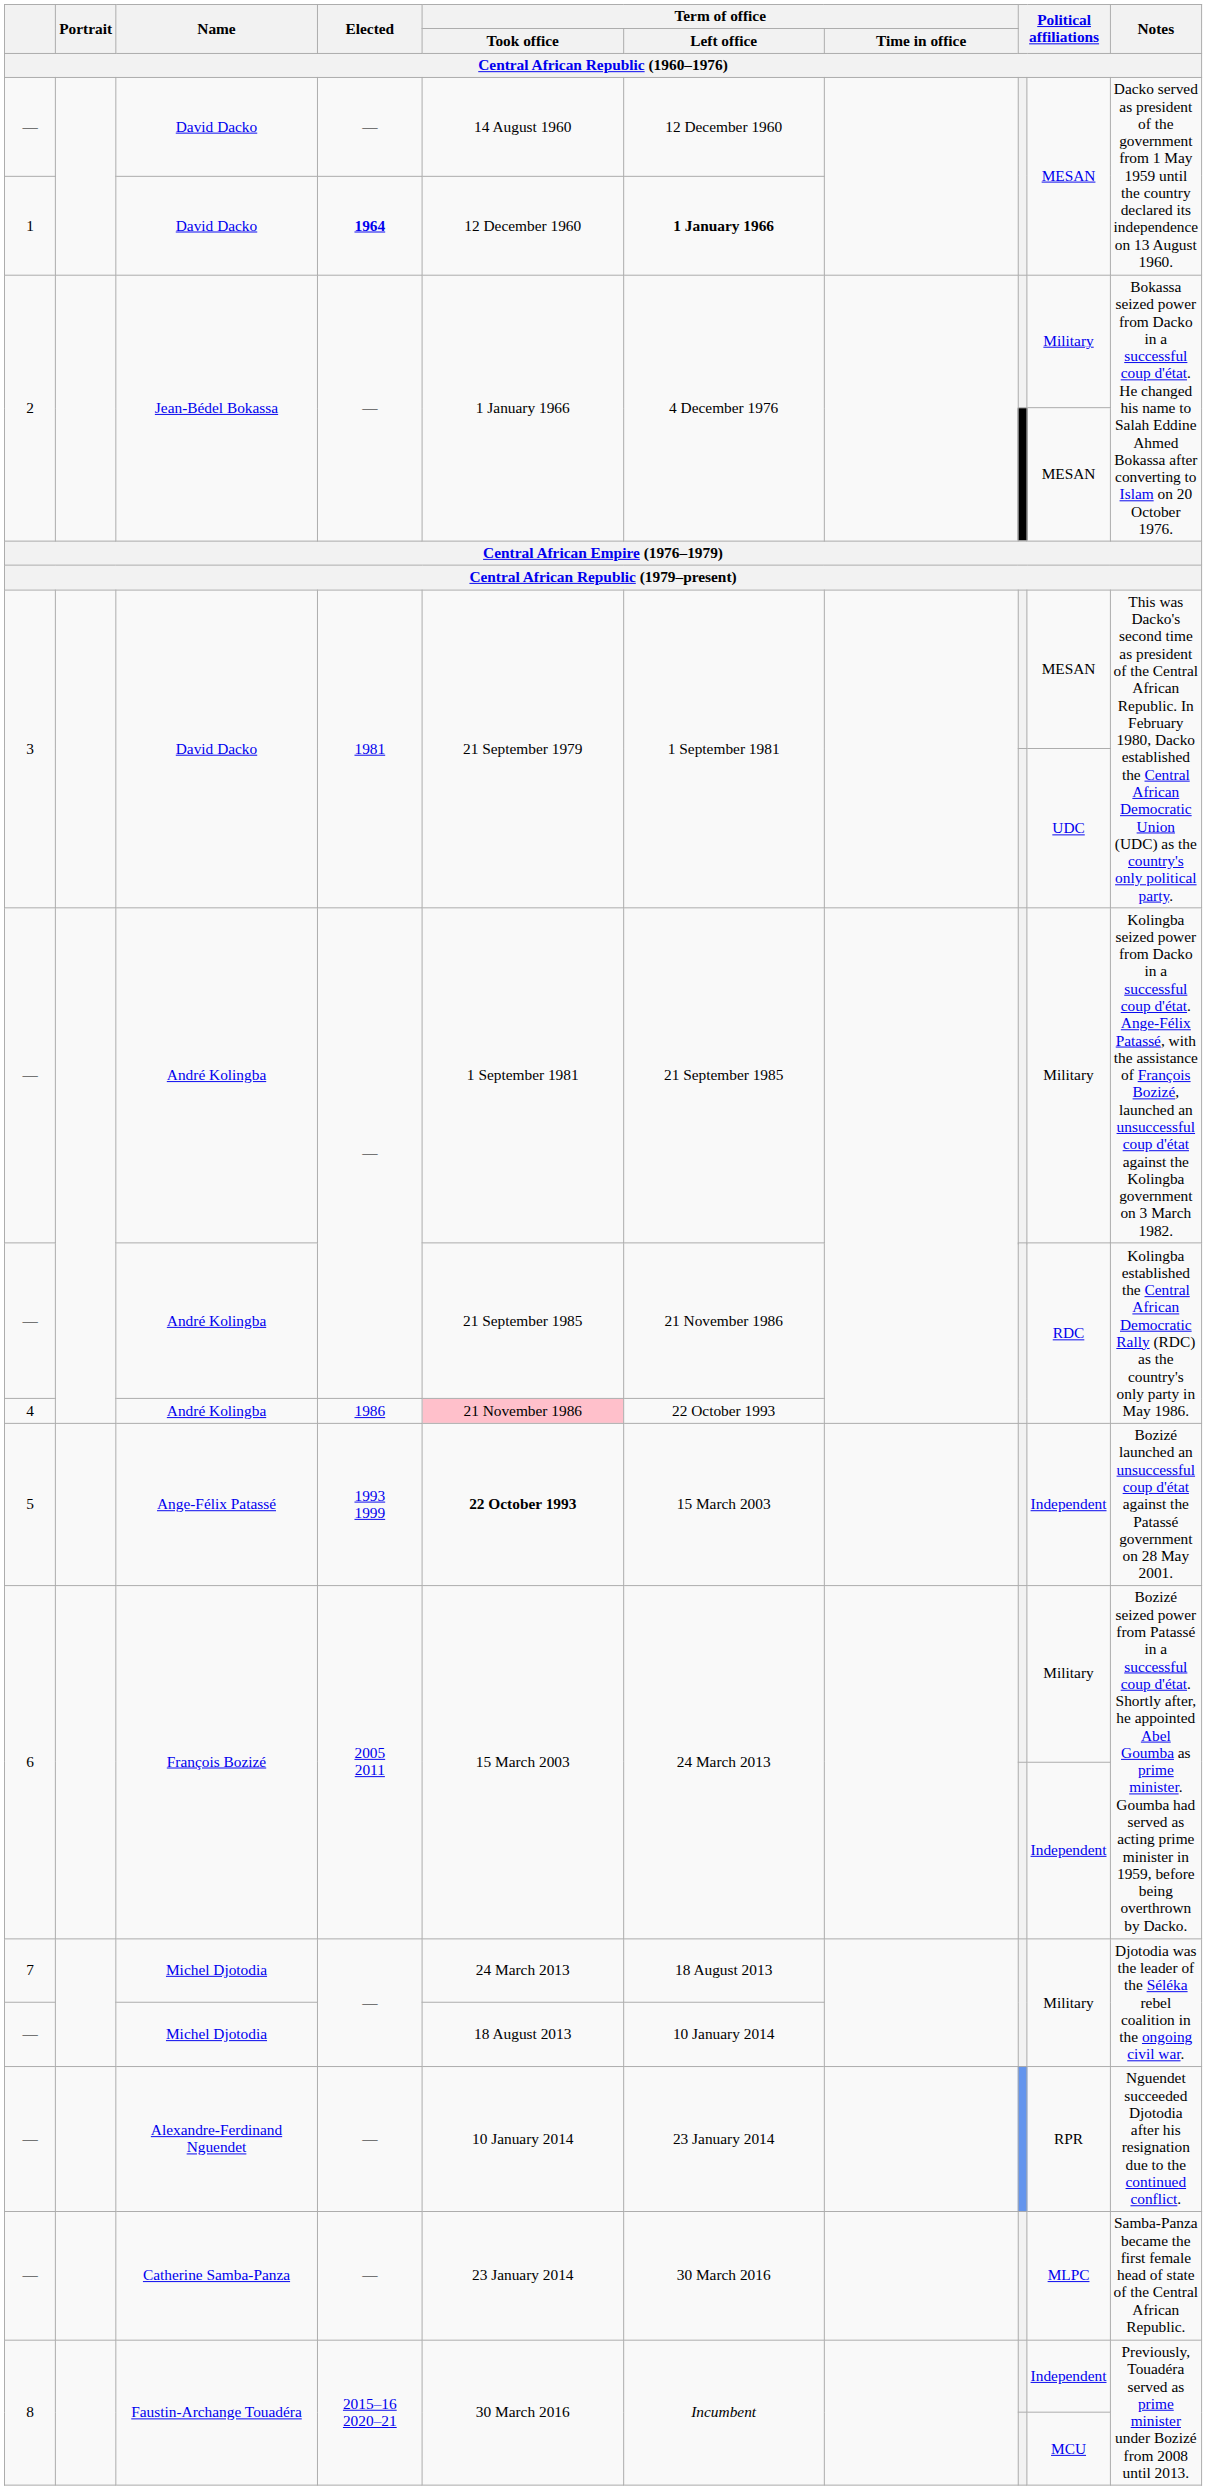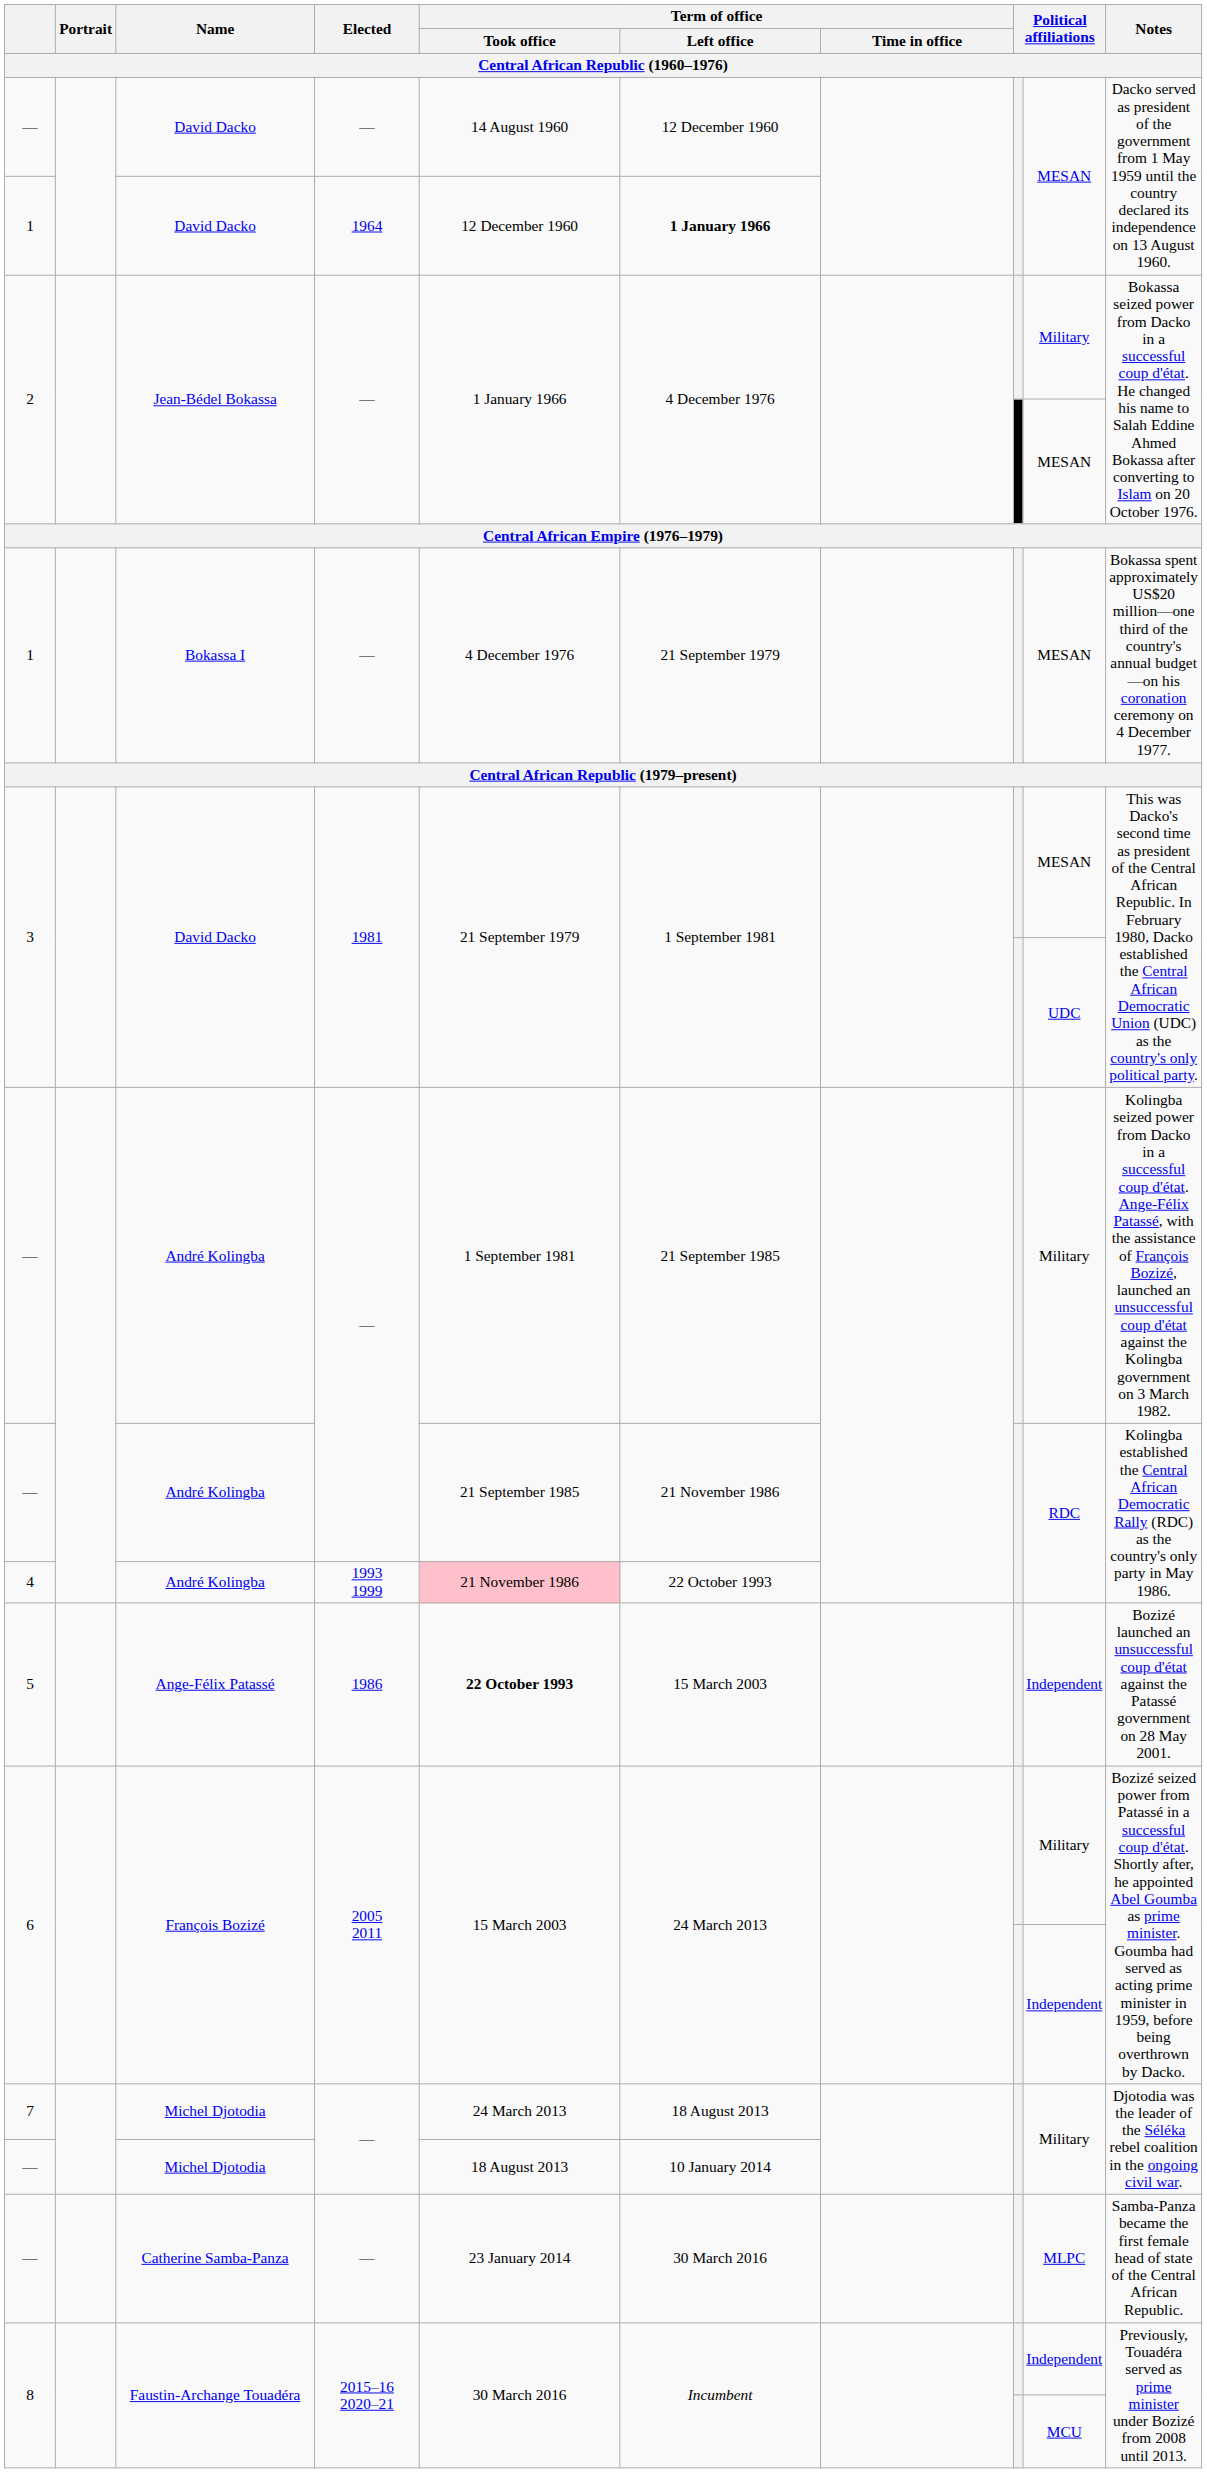 <table class="wikitable" style="text-align:center">
 <tr>
 <th rowspan="2" width="5%"></th>
 <th rowspan="2" width="80">Portrait</th>
 <th rowspan="2" width="20%">Name<br></th>
 <th rowspan="2" width="10%">Elected</th>
 <th colspan="3" width="20%">Term of office</th>
 <th rowspan="2" colspan="2" width="10%"><a href='#'>Political affiliations</a></th>
 <th rowspan="2" width="20%">Notes</th>
 </tr>
 <tr>
 <th width="20%">Took office</th>
 <th width="20%">Left office</th>
 <th width="20%">Time in office</th>
 </tr>
 <tr>
 <th colspan="10"><a href='#'>Central African Republic</a> (1960–1976)</th>
 </tr>
 <tr>
 <td>—</td>
 <td rowspan="2"></td>
 <td><a href='#'>David Dacko</a><br></td>
 <td>—</td>
 <td>14 August 1960</td>
 <td>12 December 1960</td>
 <td rowspan="2"></td>
 <th rowspan="2" style="background:"></th>
 <td rowspan="2"><a href='#'>MESAN</a></td>
 <td rowspan="2">Dacko served as president of the government from 1 May 1959 until the country declared its independence on 13 August 1960.</td>
 </tr>
 <tr>
 <td>1</td>
 <td><a href='#'>David Dacko</a><br></td>
-<td><strong><a href='#'>1964</a></strong></td>
+<td><a href='#'>1964</a></td>
 <td>12 December 1960</td>
 <td><strong>1 January 1966</strong></td>
 </tr>
 <tr>
 <td rowspan="2">2</td>
 <td rowspan="2"></td>
 <td rowspan="2"><a href='#'>Jean-Bédel Bokassa</a><br></td>
 <td rowspan="2">—</td>
 <td rowspan="2">1 January 1966</td>
 <td rowspan="2">4 December 1976</td>
 <td rowspan="2"></td>
 <th style="background:"></th>
 <td><a href='#'>Military</a></td>
 <td rowspan="2">Bokassa seized power from Dacko in a <a href='#'>successful coup d'état</a>. He changed his name to Salah Eddine Ahmed Bokassa after converting to <a href='#'>Islam</a> on 20 October 1976.</td>
 </tr>
 <tr>
 <th style="background:#000000"></th>
 <td>MESAN</td>
 </tr>
 <tr>
 <th colspan="10"><a href='#'>Central African Empire</a> (1976–1979)</th>
+</tr>
+<tr>
+<td>1</td>
+<td></td>
+<td><a href='#'>Bokassa I</a><br></td>
+<td>—</td>
+<td>4 December 1976</td>
+<td>21 September 1979</td>
+<td></td>
+<th style="background:"></th>
+<td>MESAN</td>
+<td>Bokassa spent approximately US$20 million—one third of the country's annual budget—on his <a href='#'>coronation</a> ceremony on 4 December 1977.</td>
 </tr>
 <tr>
 <th colspan="10"><a href='#'>Central African Republic</a> (1979–present)</th>
 </tr>
 <tr>
 <td rowspan="2">3</td>
 <td rowspan="2"></td>
 <td rowspan="2"><a href='#'>David Dacko</a><br></td>
 <td rowspan="2"><a href='#'>1981</a></td>
 <td rowspan="2">21 September 1979</td>
 <td rowspan="2">1 September 1981</td>
 <td rowspan="2"></td>
 <th style="background:"></th>
 <td>MESAN</td>
 <td rowspan="2">This was Dacko's second time as president of the Central African Republic. In February 1980, Dacko established the <a href='#'>Central African Democratic Union</a> (UDC) as the <a href='#'>country's only political party</a>.</td>
 </tr>
 <tr>
 <th style="background:"></th>
 <td><a href='#'>UDC</a></td>
 </tr>
 <tr>
 <td>—</td>
 <td rowspan="4"></td>
 <td><a href='#'>André Kolingba</a><br></td>
 <td rowspan="3">—</td>
 <td>1 September 1981</td>
 <td>21 September 1985</td>
 <td rowspan="4"></td>
 <th rowspan="2" style="background:"></th>
 <td rowspan="2">Military</td>
 <td>Kolingba seized power from Dacko in a <a href='#'>successful coup d'état</a>. <a href='#'>Ange-Félix Patassé</a>, with the assistance of <a href='#'>François Bozizé</a>, launched an <a href='#'>unsuccessful coup d'état</a> against the Kolingba government on 3 March 1982.</td>
 </tr>
 <tr>
 <td rowspan="2">—</td>
 <td rowspan="2"><a href='#'>André Kolingba</a><br></td>
 <td rowspan="2">21 September 1985</td>
 <td rowspan="2">21 November 1986</td>
 <td rowspan="3">Kolingba established the <a href='#'>Central African Democratic Rally</a> (RDC) as the country's only party in May 1986.</td>
 </tr>
 <tr>
 <th rowspan="2" style="background:"></th>
 <td rowspan="2"><a href='#'>RDC</a></td>
 </tr>
 <tr>
 <td>4</td>
 <td><a href='#'>André Kolingba</a><br></td>
-<td><a href='#'>1986</a></td>
+<td><a href='#'>1993</a><br><a href='#'>1999</a></td>
 <td style="background: pink;">21 November 1986</td>
 <td>22 October 1993</td>
 </tr>
 <tr>
 <td>5</td>
 <td></td>
 <td><a href='#'>Ange-Félix Patassé</a><br></td>
-<td><a href='#'>1993</a><br><a href='#'>1999</a></td>
+<td><a href='#'>1986</a></td>
 <td><strong>22 October 1993</strong></td>
 <td>15 March 2003</td>
 <td></td>
 <th style="background:"></th>
 <td><a href='#'>Independent</a></td>
 <td>Bozizé launched an <a href='#'>unsuccessful coup d'état</a> against the Patassé government on 28 May 2001.</td>
 </tr>
 <tr>
 <td rowspan="2">6</td>
 <td rowspan="2"></td>
 <td rowspan="2"><a href='#'>François Bozizé</a><br></td>
 <td rowspan="2"><a href='#'>2005</a><br><a href='#'>2011</a></td>
 <td rowspan="2">15 March 2003</td>
 <td rowspan="2">24 March 2013</td>
 <td rowspan="2"></td>
 <th style="background:"></th>
 <td>Military</td>
 <td rowspan="2">Bozizé seized power from Patassé in a <a href='#'>successful coup d'état</a>. Shortly after, he appointed <a href='#'>Abel Goumba</a> as <a href='#'>prime minister</a>. Goumba had served as acting prime minister in 1959, before being overthrown by Dacko.</td>
 </tr>
 <tr>
 <th style="background:"></th>
 <td><a href='#'>Independent</a></td>
 </tr>
 <tr>
 <td>7</td>
 <td rowspan="2"></td>
 <td><a href='#'>Michel Djotodia</a><br></td>
 <td rowspan="2">—</td>
 <td>24 March 2013</td>
 <td>18 August 2013</td>
 <td rowspan="2"></td>
 <th rowspan="2" style="background:"></th>
 <td rowspan="2">Military</td>
 <td rowspan="2">Djotodia was the leader of the <a href='#'>Séléka</a> rebel coalition in the <a href='#'>ongoing civil war</a>.</td>
 </tr>
 <tr>
 <td>—</td>
 <td><a href='#'>Michel Djotodia</a><br></td>
 <td>18 August 2013</td>
 <td>10 January 2014</td>
 </tr>
 <tr>
 <td>—</td>
 <td></td>
-<td><a href='#'>Alexandre-Ferdinand Nguendet</a><br></td>
-<td>—</td>
-<td>10 January 2014</td>
-<td>23 January 2014</td>
-<td></td>
-<th style="background:CornflowerBlue"></th>
-<td>RPR</td>
-<td>Nguendet succeeded Djotodia after his resignation due to the <a href='#'>continued conflict</a>.</td>
-</tr>
-<tr>
-<td>—</td>
-<td></td>
 <td><a href='#'>Catherine Samba-Panza</a><br></td>
 <td>—</td>
 <td>23 January 2014</td>
 <td>30 March 2016</td>
 <td></td>
 <th style="background:"></th>
 <td><a href='#'>MLPC</a></td>
 <td>Samba-Panza became the first female head of state of the Central African Republic.</td>
 </tr>
 <tr>
 <td rowspan="2">8</td>
 <td rowspan="2"></td>
 <td rowspan="2"><a href='#'>Faustin-Archange Touadéra</a><br></td>
 <td rowspan="2"><a href='#'>2015–16</a><br><a href='#'>2020–21</a></td>
 <td rowspan="2">30 March 2016</td>
 <td rowspan="2"><em>Incumbent</em></td>
 <td rowspan="2"></td>
 <th style="background:"></th>
 <td><a href='#'>Independent</a></td>
 <td rowspan="2">Previously, Touadéra served as <a href='#'>prime minister</a> under Bozizé from 2008 until 2013.</td>
 </tr>
 <tr>
 <th style="background:"></th>
 <td><a href='#'>MCU</a></td>
 </tr>
 </table>
